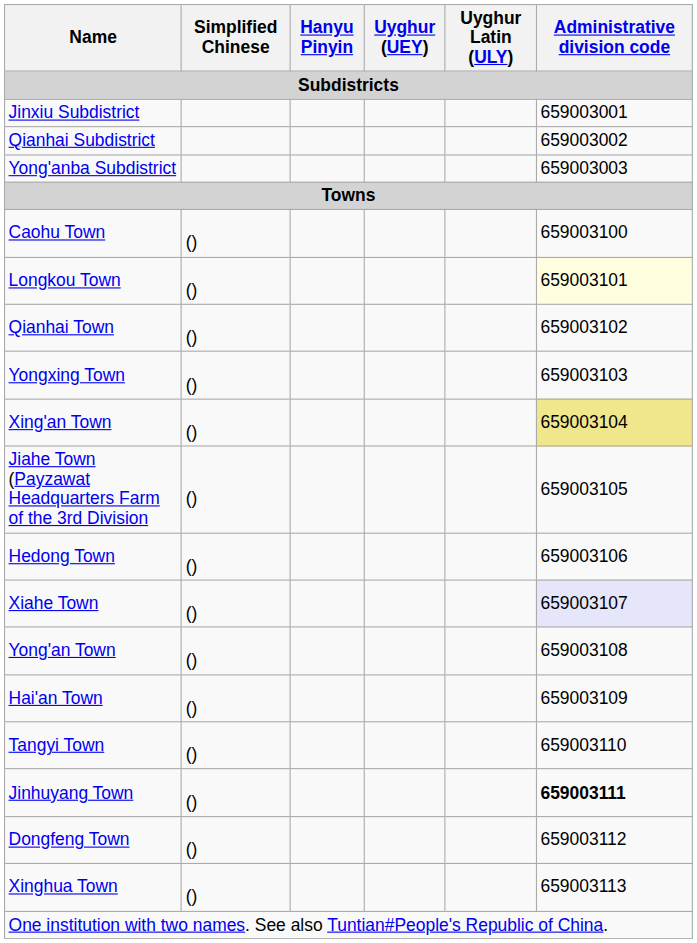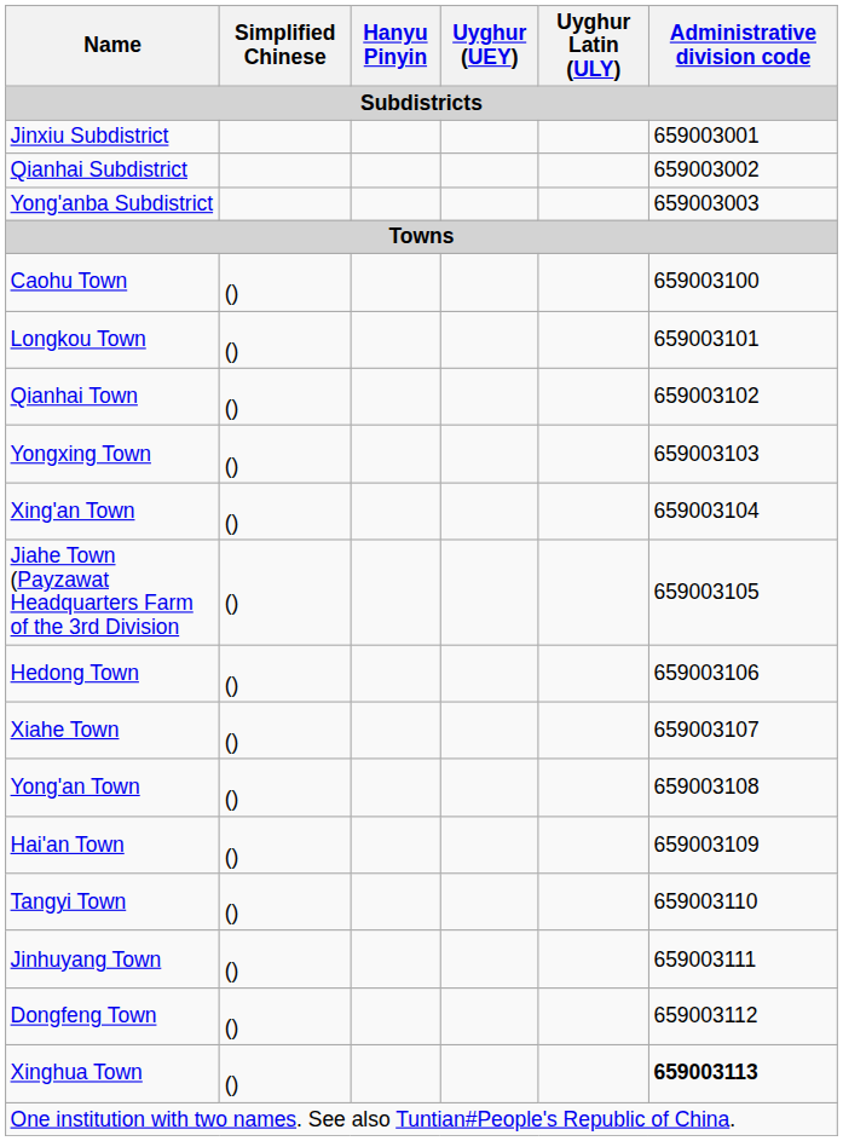 <table class="wikitable" align="center" style="width:50%; border="1">
 <tr>
 <th>Name</th>
 <th>Simplified Chinese</th>
 <th><a href='#'>Hanyu Pinyin</a></th>
 <th><a href='#'>Uyghur</a> (<a href='#'>UEY</a>)</th>
 <th>Uyghur Latin (<a href='#'>ULY</a>)</th>
 <th><a href='#'>Administrative division code</a></th>
 </tr>
 <tr --------->
 <td colspan="7"  style="text-align:center; background:#d3d3d3;"><strong>Subdistricts</strong></td>
 </tr>
 <tr --------->
 <td><a href='#'>Jinxiu Subdistrict</a></td>
 <td></td>
 <td></td>
 <td></td>
 <td></td>
 <td>659003001</td>
 </tr>
 <tr>
 <td><a href='#'>Qianhai Subdistrict</a></td>
 <td></td>
 <td></td>
 <td></td>
 <td></td>
 <td>659003002</td>
 </tr>
 <tr>
 <td><a href='#'>Yong'anba Subdistrict</a></td>
 <td></td>
 <td></td>
 <td></td>
 <td></td>
 <td>659003003</td>
 </tr>
 <tr --------->
 <td colspan="7"  style="text-align:center; background:#d3d3d3;"><strong>Towns</strong></td>
 </tr>
 <tr --------->
 <td><a href='#'>Caohu Town</a><br></td>
 <td><br>()</td>
 <td></td>
 <td></td>
 <td></td>
 <td>659003100</td>
 </tr>
 <tr>
 <td><a href='#'>Longkou Town</a><br></td>
 <td><br>()</td>
 <td></td>
 <td></td>
 <td></td>
-<td style="background: lightyellow;">659003101</td>
+<td>659003101</td>
 </tr>
 <tr>
 <td><a href='#'>Qianhai Town</a><br></td>
 <td><br>()</td>
 <td></td>
 <td></td>
 <td></td>
 <td>659003102</td>
 </tr>
 <tr>
 <td><a href='#'>Yongxing Town</a><br></td>
 <td><br>()</td>
 <td></td>
 <td></td>
 <td></td>
 <td>659003103</td>
 </tr>
 <tr>
 <td><a href='#'>Xing'an Town</a><br></td>
 <td><br>()</td>
 <td></td>
 <td></td>
 <td></td>
-<td style="background: khaki;">659003104</td>
+<td>659003104</td>
 </tr>
 <tr>
 <td><a href='#'>Jiahe Town</a><br>(<a href='#'>Payzawat Headquarters Farm of the 3rd Division</a></td>
 <td><br>()</td>
 <td></td>
 <td></td>
 <td></td>
 <td>659003105</td>
 </tr>
 <tr>
 <td><a href='#'>Hedong Town</a><br></td>
 <td><br>()</td>
 <td></td>
 <td></td>
 <td></td>
 <td>659003106</td>
 </tr>
 <tr>
 <td><a href='#'>Xiahe Town</a><br></td>
 <td><br>()</td>
 <td></td>
 <td></td>
 <td></td>
-<td style="background: lavender;">659003107</td>
+<td>659003107</td>
 </tr>
 <tr>
 <td><a href='#'>Yong'an Town</a><br></td>
 <td><br>()</td>
 <td></td>
 <td></td>
 <td></td>
 <td>659003108</td>
 </tr>
 <tr>
 <td><a href='#'>Hai'an Town</a><br></td>
 <td><br>()</td>
 <td></td>
 <td></td>
 <td></td>
 <td>659003109</td>
 </tr>
 <tr>
 <td><a href='#'>Tangyi Town</a><br></td>
 <td><br>()</td>
 <td></td>
 <td></td>
 <td></td>
 <td>659003110</td>
 </tr>
 <tr>
 <td><a href='#'>Jinhuyang Town</a><br></td>
 <td><br>()</td>
 <td></td>
 <td></td>
 <td></td>
-<td><strong>659003111</strong></td>
+<td>659003111</td>
 </tr>
 <tr>
 <td><a href='#'>Dongfeng Town</a><br></td>
 <td><br>()</td>
 <td></td>
 <td></td>
 <td></td>
 <td>659003112</td>
 </tr>
 <tr>
 <td><a href='#'>Xinghua Town</a><br></td>
 <td><br>()</td>
 <td></td>
 <td></td>
 <td></td>
-<td>659003113</td>
+<td><strong>659003113</strong></td>
 </tr>
 <tr --------->
 <td colspan="7"><div> <a href='#'>One institution with two names</a>. See also <a href='#'>Tuntian#People's Republic of China</a>.<br></div></td>
 </tr>
 </table>
